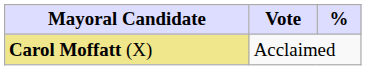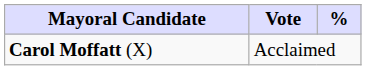 <table class="wikitable">
 <tr>
 <th style="background:#ddf; width:200px;">Mayoral Candidate</th>
 <th style="background:#ddf; width:50px;">Vote</th>
 <th style="background:#ddf; width:30px;">%</th>
 </tr>
 <tr>
-<td style="background: khaki;"><strong>Carol Moffatt</strong> (X)</td>
+<td><strong>Carol Moffatt</strong> (X)</td>
 <td colspan="2">Acclaimed</td>
 </tr>
 </table>
